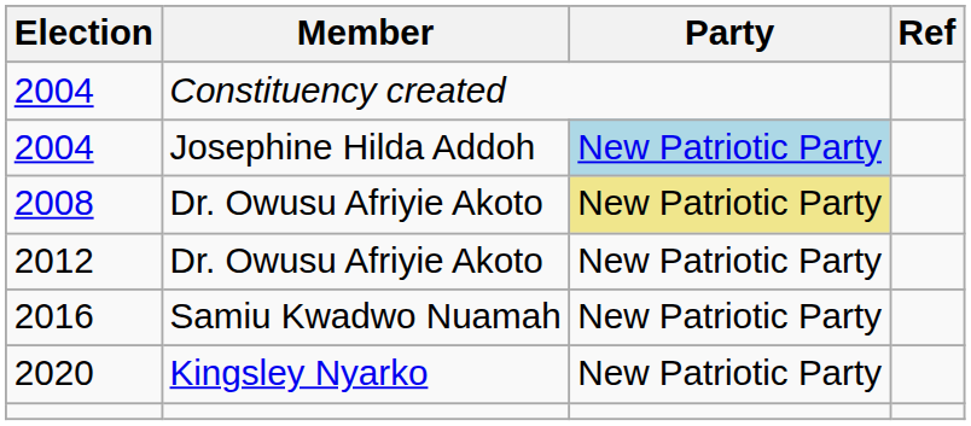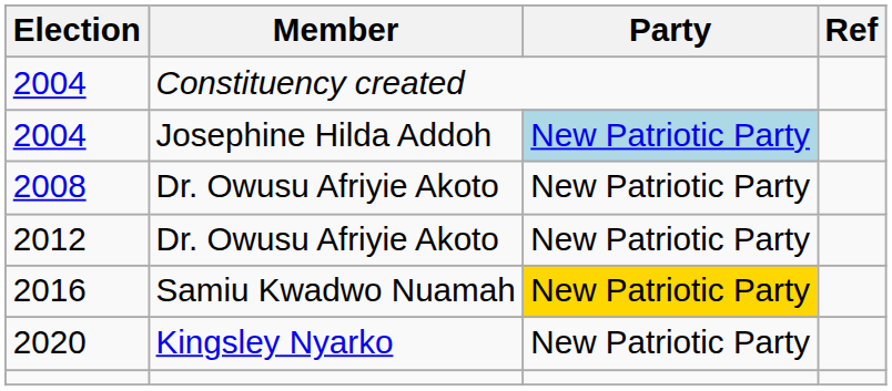 <table class="wikitable">
 <tr>
 <th>Election</th>
 <th>Member</th>
 <th>Party</th>
 <th>Ref</th>
 </tr>
 <tr>
 <td><a href='#'>2004</a></td>
 <td colspan="2"><em>Constituency created</em></td>
 <td></td>
 </tr>
 <tr>
 <td><a href='#'>2004</a></td>
 <td>Josephine Hilda Addoh</td>
 <td style="background: lightblue;"><a href='#'>New Patriotic Party</a></td>
 <td></td>
 </tr>
 <tr>
 <td><a href='#'>2008</a></td>
 <td>Dr. Owusu Afriyie Akoto</td>
-<td style="background: khaki;">New Patriotic Party</td>
+<td>New Patriotic Party</td>
 <td></td>
 </tr>
 <tr>
 <td>2012</td>
 <td>Dr. Owusu Afriyie Akoto</td>
 <td>New Patriotic Party</td>
 <td></td>
 </tr>
 <tr>
 <td>2016</td>
 <td>Samiu Kwadwo Nuamah</td>
-<td>New Patriotic Party</td>
+<td style="background: gold;">New Patriotic Party</td>
 <td></td>
 </tr>
 <tr>
 <td>2020</td>
 <td><a href='#'>Kingsley Nyarko</a></td>
 <td>New Patriotic Party</td>
 <td></td>
 </tr>
 <tr>
 <td></td>
 <td></td>
 <td></td>
 <td></td>
 </tr>
 </table>
